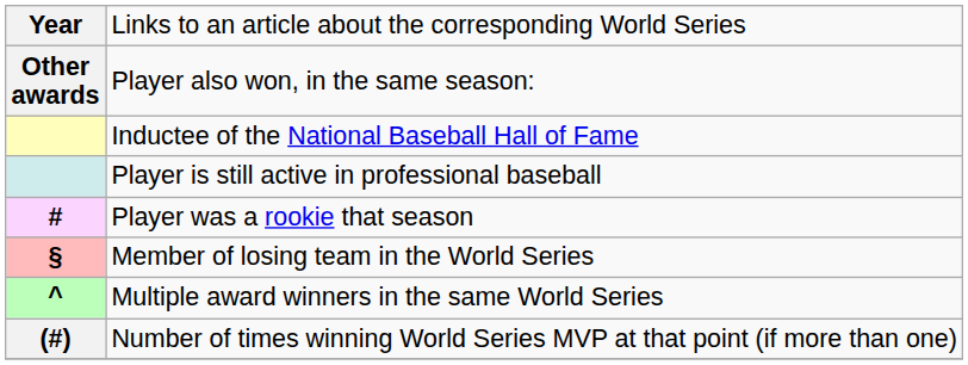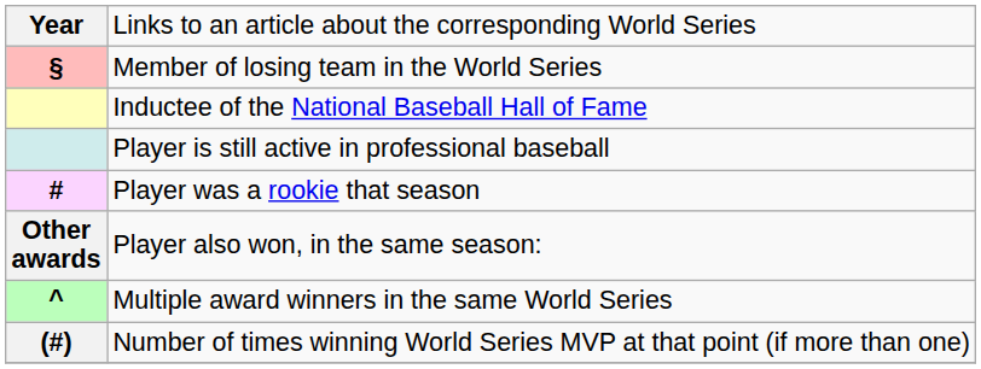 <table class="wikitable plainrowheaders">
 <tr>
 <th scope="row" style="text-align:center"><strong>Year</strong></th>
 <td>Links to an article about the corresponding World Series</td>
 </tr>
 <tr>
-<th scope="row" style="text-align:center"><strong>Other<br>awards</strong></th>
-<td>Player also won, in the same season:<br></td>
+<th scope="row" style="text-align:center; background:#ffbbbb">§</th>
+<td>Member of losing team in the World Series</td>
 </tr>
 <tr>
 <th scope="row" style="text-align:center; background:#ffffbb"></th>
 <td>Inductee of the <a href='#'>National Baseball Hall of Fame</a></td>
 </tr>
 <tr>
 <th scope="row" style="text-align:center; background:#cfecec"></th>
 <td>Player is still active in professional baseball</td>
 </tr>
 <tr>
 <th scope="row" style="text-align:center; background:#fbd4ff">#</th>
 <td>Player was a <a href='#'>rookie</a> that season</td>
 </tr>
 <tr>
-<th scope="row" style="text-align:center; background:#ffbbbb">§</th>
-<td>Member of losing team in the World Series</td>
+<th scope="row" style="text-align:center"><strong>Other<br>awards</strong></th>
+<td>Player also won, in the same season:<br></td>
 </tr>
 <tr>
 <th scope="row" style="text-align:center; background:#bbffbb">^</th>
 <td>Multiple award winners in the same World Series</td>
 </tr>
 <tr>
 <th scope="row" style="text-align:center;">(#)</th>
 <td>Number of times winning World Series MVP at that point (if more than one)</td>
 </tr>
 <tr>
 </tr>
 </table>
